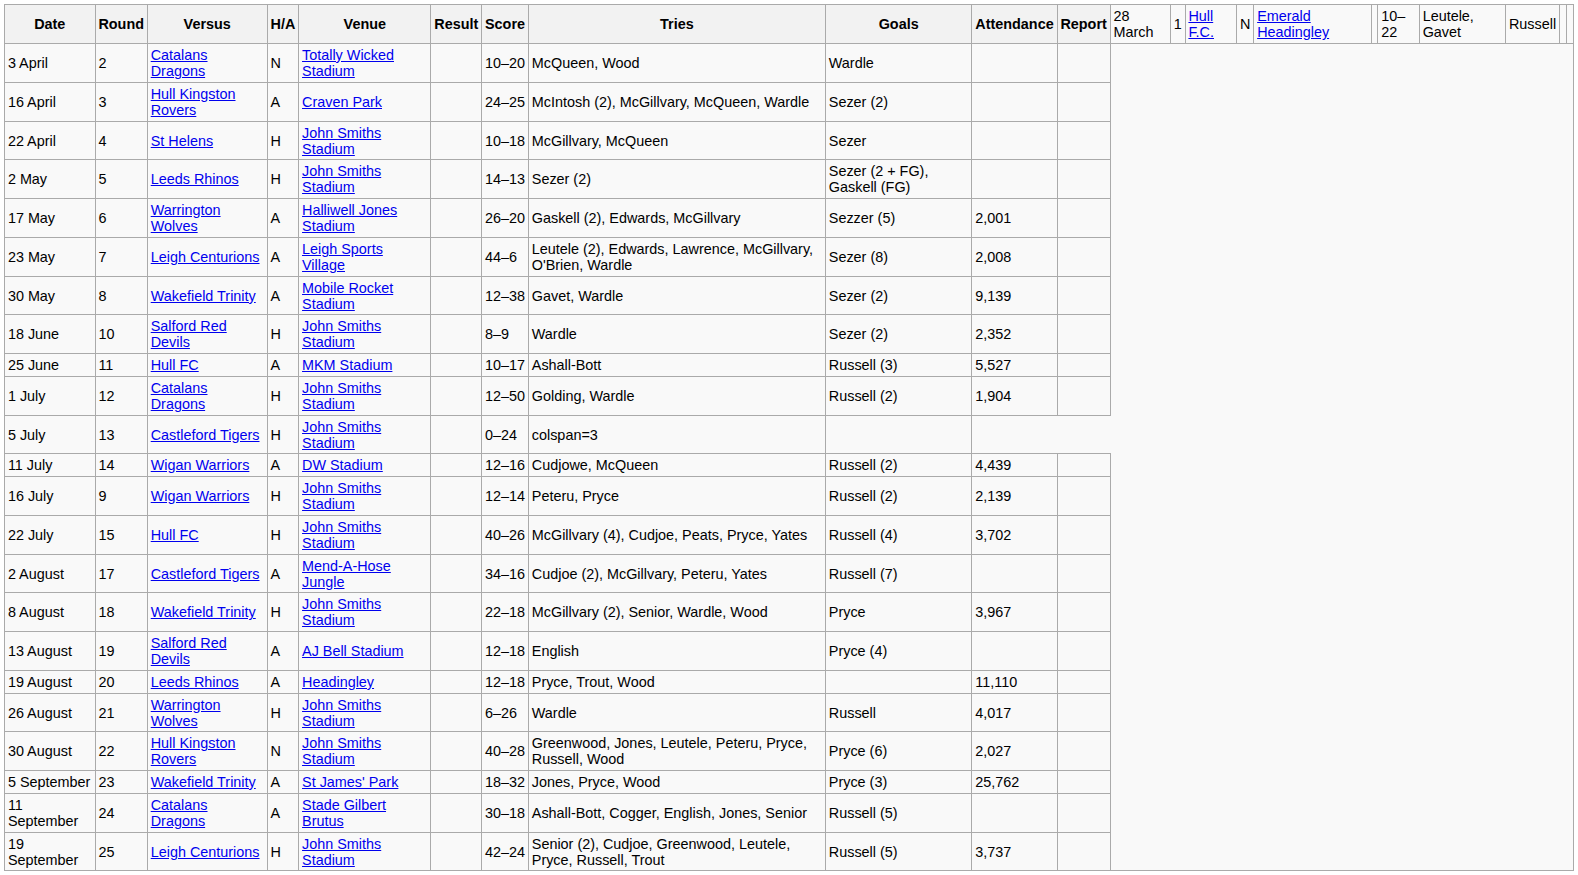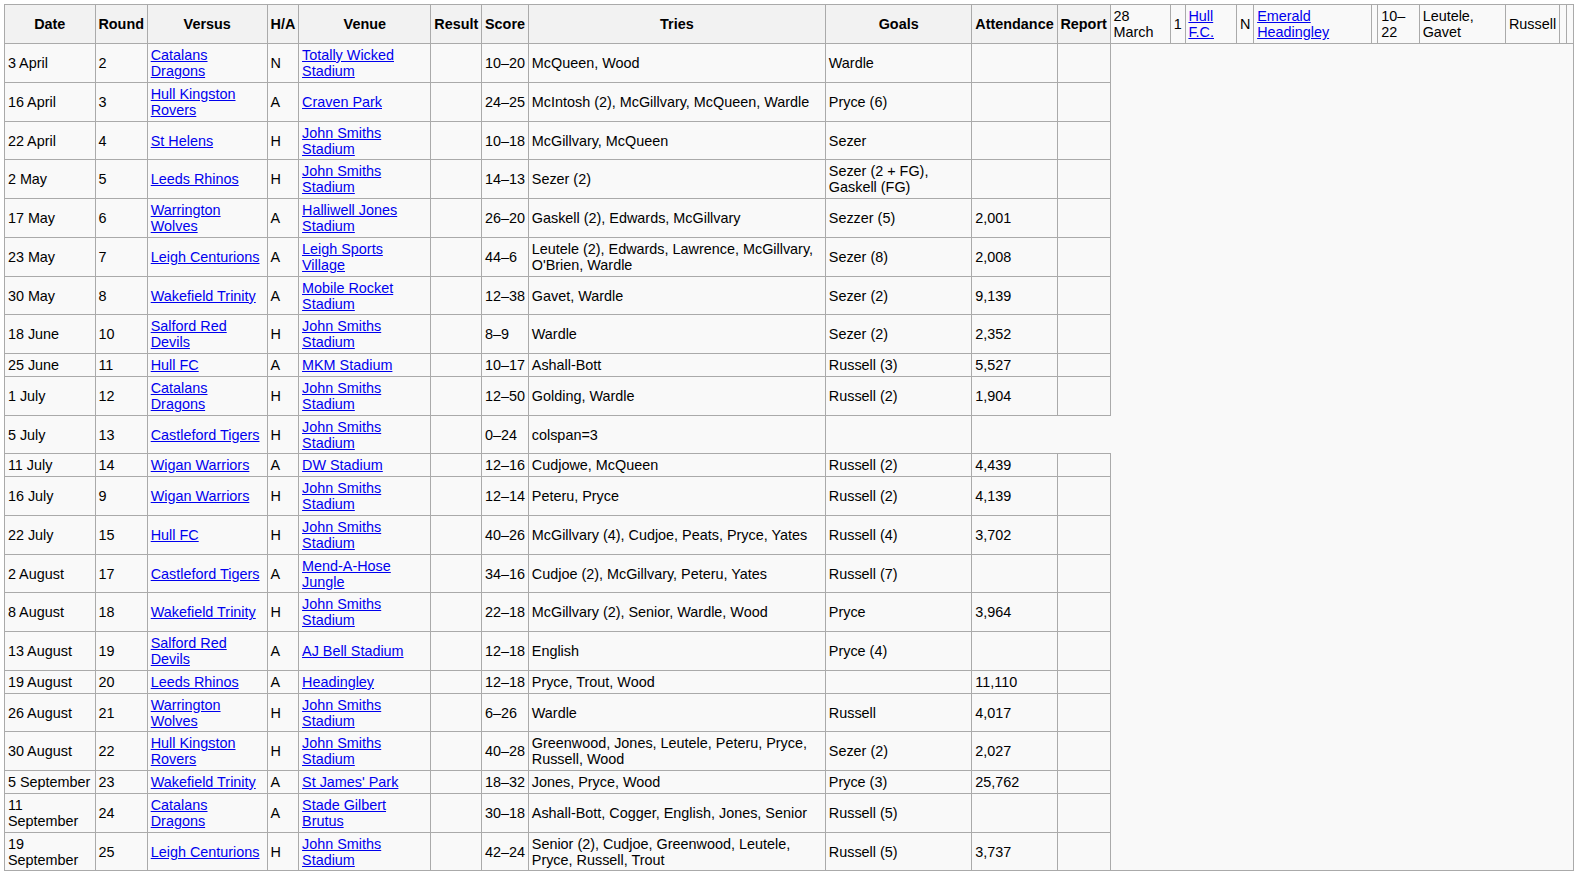 <table class="wikitable defaultleft col2center col4center col7center col10right" style="font-size:90%;">
 <tr>
 <th>Date</th>
 <th>Round</th>
 <th>Versus</th>
 <th>H/A</th>
 <th>Venue</th>
 <th>Result</th>
 <th>Score</th>
 <th>Tries</th>
 <th>Goals</th>
 <th>Attendance</th>
 <th>Report</th>
 <td>28 March</td>
 <td>1</td>
 <td> <a href='#'>Hull F.C.</a></td>
 <td>N</td>
 <td><a href='#'>Emerald Headingley</a></td>
 <td></td>
 <td>10–22</td>
 <td>Leutele, Gavet</td>
 <td>Russell</td>
 <td> </td>
 <td></td>
 </tr>
 <tr>
 <td>3 April</td>
 <td>2</td>
 <td> <a href='#'>Catalans Dragons</a></td>
 <td>N</td>
 <td><a href='#'>Totally Wicked Stadium</a></td>
 <td></td>
 <td>10–20</td>
 <td>McQueen, Wood</td>
 <td>Wardle</td>
 <td></td>
 <td></td>
 </tr>
 <tr>
 <td>16 April</td>
 <td>3</td>
 <td> <a href='#'>Hull Kingston Rovers</a></td>
 <td>A</td>
 <td><a href='#'>Craven Park</a></td>
 <td></td>
 <td>24–25</td>
 <td>McIntosh (2), McGillvary, McQueen, Wardle</td>
-<td>Sezer (2)</td>
+<td>Pryce (6)</td>
 <td></td>
 <td></td>
 </tr>
 <tr>
 <td>22 April</td>
 <td>4</td>
 <td> <a href='#'>St Helens</a></td>
 <td>H</td>
 <td><a href='#'>John Smiths Stadium</a></td>
 <td></td>
 <td>10–18</td>
 <td>McGillvary, McQueen</td>
 <td>Sezer</td>
 <td></td>
 <td></td>
 </tr>
 <tr>
 <td>2 May</td>
 <td>5</td>
 <td> <a href='#'>Leeds Rhinos</a></td>
 <td>H</td>
 <td><a href='#'>John Smiths Stadium</a></td>
 <td></td>
 <td>14–13</td>
 <td>Sezer (2)</td>
 <td>Sezer (2 + FG), Gaskell (FG)</td>
 <td></td>
 <td></td>
 </tr>
 <tr>
 <td>17 May</td>
 <td>6</td>
 <td> <a href='#'>Warrington Wolves</a></td>
 <td>A</td>
 <td><a href='#'>Halliwell Jones Stadium</a></td>
 <td></td>
 <td>26–20</td>
 <td>Gaskell (2), Edwards, McGillvary</td>
 <td>Sezzer (5)</td>
 <td>2,001</td>
 <td></td>
 </tr>
 <tr>
 <td>23 May</td>
 <td>7</td>
 <td> <a href='#'>Leigh Centurions</a></td>
 <td>A</td>
 <td><a href='#'>Leigh Sports Village</a></td>
 <td></td>
 <td>44–6</td>
 <td>Leutele (2), Edwards, Lawrence, McGillvary, O'Brien, Wardle</td>
 <td>Sezer (8)</td>
 <td>2,008</td>
 <td></td>
 </tr>
 <tr>
 <td>30 May</td>
 <td>8</td>
 <td> <a href='#'>Wakefield Trinity</a></td>
 <td>A</td>
 <td><a href='#'>Mobile Rocket Stadium</a></td>
 <td></td>
 <td>12–38</td>
 <td>Gavet, Wardle</td>
 <td>Sezer (2)</td>
 <td>9,139</td>
 <td></td>
 </tr>
 <tr>
 <td>18 June</td>
 <td>10</td>
 <td> <a href='#'>Salford Red Devils</a></td>
 <td>H</td>
 <td><a href='#'>John Smiths Stadium</a></td>
 <td></td>
 <td>8–9</td>
 <td>Wardle</td>
 <td>Sezer (2)</td>
 <td>2,352</td>
 <td></td>
 </tr>
 <tr>
 <td>25 June</td>
 <td>11</td>
 <td> <a href='#'>Hull FC</a></td>
 <td>A</td>
 <td><a href='#'>MKM Stadium</a></td>
 <td></td>
 <td>10–17</td>
 <td>Ashall-Bott</td>
 <td>Russell (3)</td>
 <td>5,527</td>
 <td></td>
 </tr>
 <tr>
 <td>1 July</td>
 <td>12</td>
 <td> <a href='#'>Catalans Dragons</a></td>
 <td>H</td>
 <td><a href='#'>John Smiths Stadium</a></td>
 <td></td>
 <td>12–50</td>
 <td>Golding, Wardle</td>
 <td>Russell (2)</td>
 <td>1,904</td>
 <td></td>
 </tr>
 <tr>
 <td>5 July</td>
 <td>13</td>
 <td> <a href='#'>Castleford Tigers</a></td>
 <td>H</td>
 <td><a href='#'>John Smiths Stadium</a></td>
 <td></td>
 <td>0–24</td>
 <td>colspan=3 </td>
 <td></td>
 </tr>
 <tr>
 <td>11 July</td>
 <td>14</td>
 <td> <a href='#'>Wigan Warriors</a></td>
 <td>A</td>
 <td><a href='#'>DW Stadium</a></td>
 <td></td>
 <td>12–16</td>
 <td>Cudjowe, McQueen</td>
 <td>Russell (2)</td>
 <td>4,439</td>
 <td></td>
 </tr>
 <tr>
 <td>16 July</td>
 <td>9</td>
 <td> <a href='#'>Wigan Warriors</a></td>
 <td>H</td>
 <td><a href='#'>John Smiths Stadium</a></td>
 <td></td>
 <td>12–14</td>
 <td>Peteru, Pryce</td>
 <td>Russell (2)</td>
-<td>2,139</td>
+<td>4,139</td>
 <td></td>
 </tr>
 <tr>
 <td>22 July</td>
 <td>15</td>
 <td> <a href='#'>Hull FC</a></td>
 <td>H</td>
 <td><a href='#'>John Smiths Stadium</a></td>
 <td></td>
 <td>40–26</td>
 <td>McGillvary  (4), Cudjoe, Peats, Pryce, Yates</td>
 <td>Russell (4)</td>
 <td>3,702</td>
 <td></td>
 </tr>
 <tr>
 <td>2 August</td>
 <td>17</td>
 <td> <a href='#'>Castleford Tigers</a></td>
 <td>A</td>
 <td><a href='#'>Mend-A-Hose Jungle</a></td>
 <td></td>
 <td>34–16</td>
 <td>Cudjoe (2), McGillvary, Peteru, Yates</td>
 <td>Russell (7)</td>
 <td></td>
 <td></td>
 </tr>
 <tr>
 <td>8 August</td>
 <td>18</td>
 <td> <a href='#'>Wakefield Trinity</a></td>
 <td>H</td>
 <td><a href='#'>John Smiths Stadium</a></td>
 <td></td>
 <td>22–18</td>
 <td>McGillvary (2), Senior, Wardle, Wood</td>
 <td>Pryce</td>
-<td>3,967</td>
+<td>3,964</td>
 <td></td>
 </tr>
 <tr>
 <td>13 August</td>
 <td>19</td>
 <td> <a href='#'>Salford Red Devils</a></td>
 <td>A</td>
 <td><a href='#'>AJ Bell Stadium</a></td>
 <td></td>
 <td>12–18</td>
 <td>English</td>
 <td>Pryce (4)</td>
 <td></td>
 <td></td>
 </tr>
 <tr>
 <td>19 August</td>
 <td>20</td>
 <td> <a href='#'>Leeds Rhinos</a></td>
 <td>A</td>
 <td><a href='#'>Headingley</a></td>
 <td></td>
 <td>12–18</td>
 <td>Pryce, Trout, Wood</td>
 <td></td>
 <td>11,110</td>
 <td></td>
 </tr>
 <tr>
 <td>26 August</td>
 <td>21</td>
 <td> <a href='#'>Warrington Wolves</a></td>
 <td>H</td>
 <td><a href='#'>John Smiths Stadium</a></td>
 <td></td>
 <td>6–26</td>
 <td>Wardle</td>
 <td>Russell</td>
 <td>4,017</td>
 <td></td>
 </tr>
 <tr>
 <td>30 August</td>
 <td>22</td>
 <td> <a href='#'>Hull Kingston Rovers</a></td>
-<td>N</td>
+<td>H</td>
 <td><a href='#'>John Smiths Stadium</a></td>
 <td></td>
 <td>40–28</td>
 <td>Greenwood, Jones, Leutele, Peteru, Pryce, Russell, Wood</td>
-<td>Pryce (6)</td>
+<td>Sezer (2)</td>
 <td>2,027</td>
 <td></td>
 </tr>
 <tr>
 <td>5 September</td>
 <td>23</td>
 <td> <a href='#'>Wakefield Trinity</a></td>
 <td>A</td>
 <td><a href='#'>St James' Park</a></td>
 <td></td>
 <td>18–32</td>
 <td>Jones, Pryce, Wood</td>
 <td>Pryce (3)</td>
 <td>25,762</td>
 <td></td>
 </tr>
 <tr>
 <td>11 September</td>
 <td>24</td>
 <td> <a href='#'>Catalans Dragons</a></td>
 <td>A</td>
 <td><a href='#'>Stade Gilbert Brutus</a></td>
 <td></td>
 <td>30–18</td>
 <td>Ashall-Bott, Cogger, English, Jones, Senior</td>
 <td>Russell (5)</td>
 <td></td>
 <td></td>
 </tr>
 <tr>
 <td>19 September</td>
 <td>25</td>
 <td> <a href='#'>Leigh Centurions</a></td>
 <td>H</td>
 <td><a href='#'>John Smiths Stadium</a></td>
 <td></td>
 <td>42–24</td>
 <td>Senior (2), Cudjoe, Greenwood, Leutele, Pryce, Russell, Trout</td>
 <td>Russell (5)</td>
 <td>3,737</td>
 <td></td>
 </tr>
 </table>
